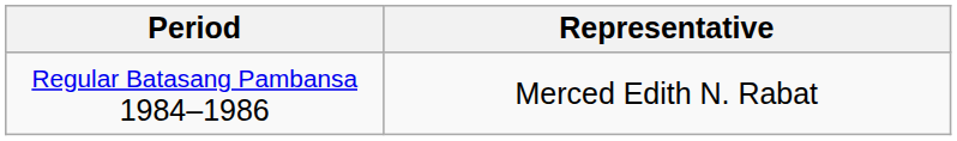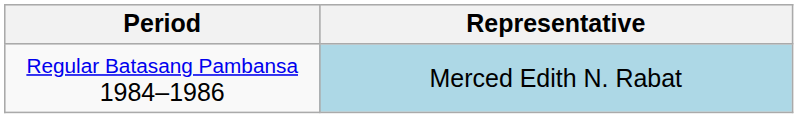 <table class="wikitable" style="text-align:center; width:40%;">
 <tr>
 <th width="40%">Period</th>
 <th>Representative</th>
 </tr>
 <tr>
 <td><small><a href='#'>Regular Batasang Pambansa</a></small><br>1984–1986</td>
-<td>Merced Edith N. Rabat</td>
+<td style="background: lightblue;">Merced Edith N. Rabat</td>
 </tr>
 </table>
